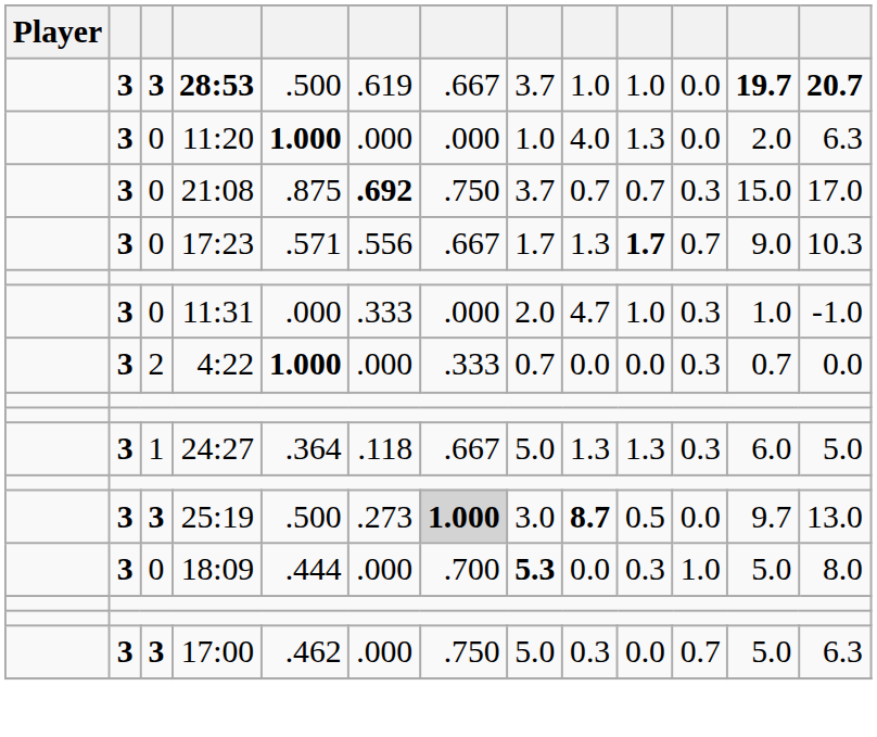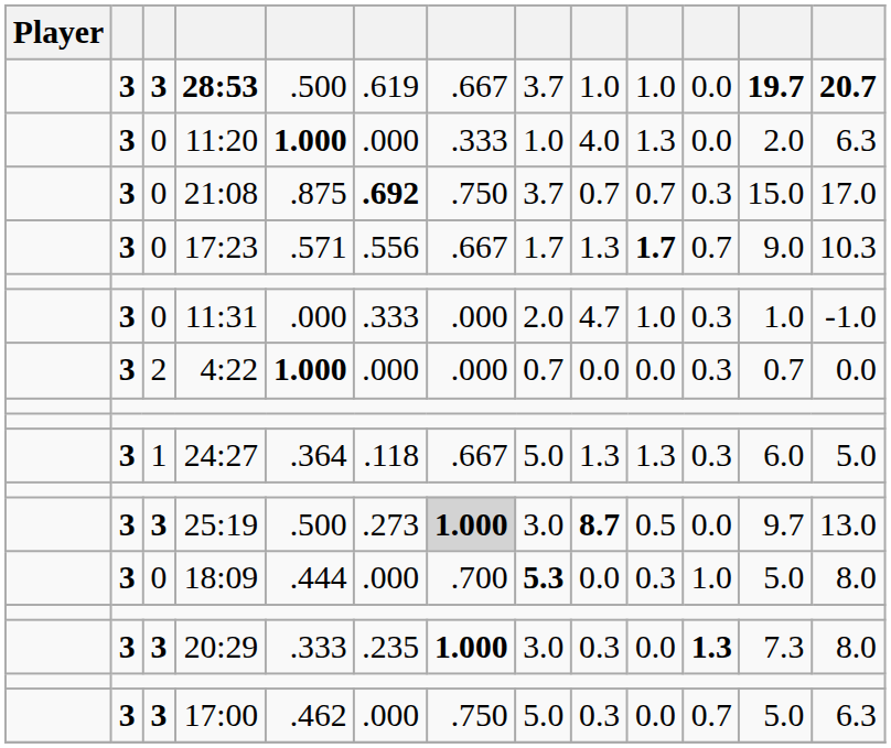 <table class="wikitable sortable" style="font-size:95%; text-align:right;">
 <tr>
 <th>Player</th>
 <th></th>
 <th></th>
 <th></th>
 <th></th>
 <th></th>
 <th></th>
 <th></th>
 <th></th>
 <th></th>
 <th></th>
 <th></th>
 <th></th>
 </tr>
 <tr>
 <td><strong></strong></td>
 <td><strong>3</strong></td>
 <td><strong>3</strong></td>
 <td><strong>28:53</strong></td>
 <td>.500</td>
 <td>.619</td>
 <td>.667</td>
 <td>3.7</td>
 <td>1.0</td>
 <td>1.0</td>
 <td>0.0</td>
 <td><strong>19.7</strong></td>
 <td><strong>20.7</strong></td>
 </tr>
 <tr>
 <td><strong></strong></td>
 <td><strong>3</strong></td>
 <td>0</td>
 <td>11:20</td>
 <td><strong>1.000</strong></td>
 <td>.000</td>
-<td>.000</td>
+<td>.333</td>
 <td>1.0</td>
 <td>4.0</td>
 <td>1.3</td>
 <td>0.0</td>
 <td>2.0</td>
 <td>6.3</td>
 </tr>
 <tr>
 <td><strong></strong></td>
 <td><strong>3</strong></td>
 <td>0</td>
 <td>21:08</td>
 <td>.875</td>
 <td><strong>.692</strong></td>
 <td>.750</td>
 <td>3.7</td>
 <td>0.7</td>
 <td>0.7</td>
 <td>0.3</td>
 <td>15.0</td>
 <td>17.0</td>
 </tr>
 <tr>
 <td><strong></strong></td>
 <td><strong>3</strong></td>
 <td>0</td>
 <td>17:23</td>
 <td>.571</td>
 <td>.556</td>
 <td>.667</td>
 <td>1.7</td>
 <td>1.3</td>
 <td><strong>1.7</strong></td>
 <td>0.7</td>
 <td>9.0</td>
 <td>10.3</td>
 </tr>
 <tr>
 <td><strong></strong></td>
 <td colspan=12 data-sort-value="-50"></td>
 </tr>
 <tr>
 <td><strong></strong></td>
 <td><strong>3</strong></td>
 <td>0</td>
 <td>11:31</td>
 <td>.000</td>
 <td>.333</td>
 <td>.000</td>
 <td>2.0</td>
 <td>4.7</td>
 <td>1.0</td>
 <td>0.3</td>
 <td>1.0</td>
 <td>-1.0</td>
 </tr>
 <tr>
 <td><strong></strong></td>
 <td><strong>3</strong></td>
 <td>2</td>
 <td>4:22</td>
 <td><strong>1.000</strong></td>
 <td>.000</td>
-<td>.333</td>
+<td>.000</td>
 <td>0.7</td>
 <td>0.0</td>
 <td>0.0</td>
 <td>0.3</td>
 <td>0.7</td>
 <td>0.0</td>
 </tr>
 <tr>
 <td><strong></strong></td>
 <td colspan=12 data-sort-value="-50"></td>
 </tr>
 <tr>
 <td><strong></strong></td>
 <td colspan=12 data-sort-value="-50"></td>
 </tr>
 <tr>
 <td><strong></strong></td>
 <td><strong>3</strong></td>
 <td>1</td>
 <td>24:27</td>
 <td>.364</td>
 <td>.118</td>
 <td>.667</td>
 <td>5.0</td>
 <td>1.3</td>
 <td>1.3</td>
 <td>0.3</td>
 <td>6.0</td>
 <td>5.0</td>
 </tr>
 <tr>
 <td><strong></strong></td>
 <td colspan=12 data-sort-value="-50"></td>
 </tr>
 <tr>
 <td><strong></strong></td>
 <td><strong>3</strong></td>
 <td><strong>3</strong></td>
 <td>25:19</td>
 <td>.500</td>
 <td>.273</td>
 <td style="background: lightgrey;"><strong>1.000</strong></td>
 <td>3.0</td>
 <td><strong>8.7</strong></td>
 <td>0.5</td>
 <td>0.0</td>
 <td>9.7</td>
 <td>13.0</td>
 </tr>
 <tr>
 <td><strong></strong></td>
 <td><strong>3</strong></td>
 <td>0</td>
 <td>18:09</td>
 <td>.444</td>
 <td>.000</td>
 <td>.700</td>
 <td><strong>5.3</strong></td>
 <td>0.0</td>
 <td>0.3</td>
 <td>1.0</td>
 <td>5.0</td>
 <td>8.0</td>
 </tr>
 <tr>
 <td><strong></strong></td>
 <td colspan=12 data-sort-value="-50"></td>
 </tr>
 <tr>
 <td><strong></strong></td>
+<td><strong>3</strong></td>
+<td><strong>3</strong></td>
+<td>20:29</td>
+<td>.333</td>
+<td>.235</td>
+<td><strong>1.000</strong></td>
+<td>3.0</td>
+<td>0.3</td>
+<td>0.0</td>
+<td><strong>1.3</strong></td>
+<td>7.3</td>
+<td>8.0</td>
+</tr>
+<tr>
+<td><strong></strong></td>
 <td colspan=12 data-sort-value="-50"></td>
 </tr>
 <tr>
 <td><strong></strong></td>
 <td><strong>3</strong></td>
 <td><strong>3</strong></td>
 <td>17:00</td>
 <td>.462</td>
 <td>.000</td>
 <td>.750</td>
 <td>5.0</td>
 <td>0.3</td>
 <td>0.0</td>
 <td>0.7</td>
 <td>5.0</td>
 <td>6.3</td>
 </tr>
 <tr>
 </tr>
 </table>
